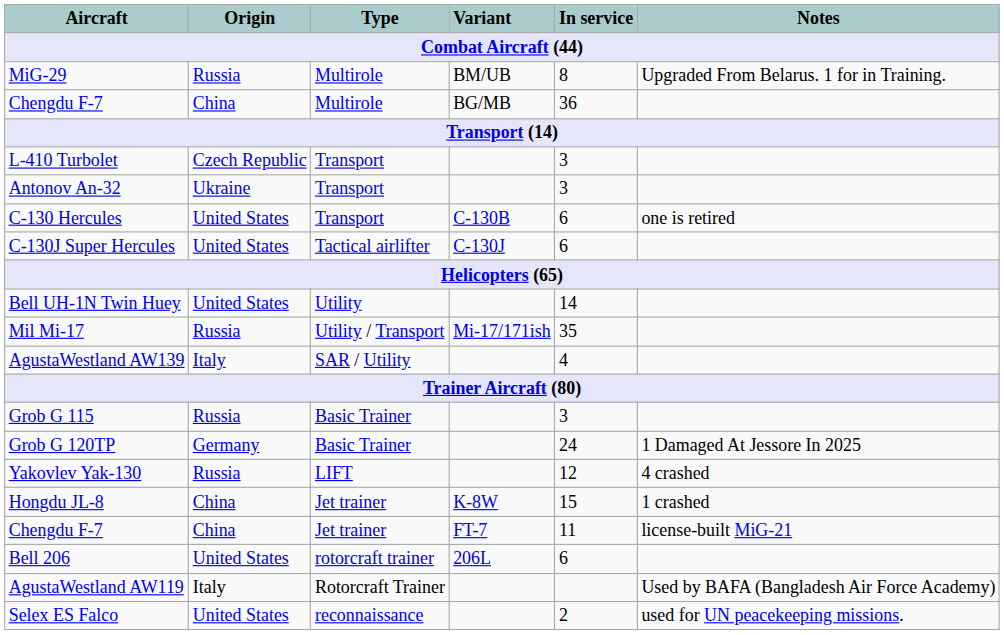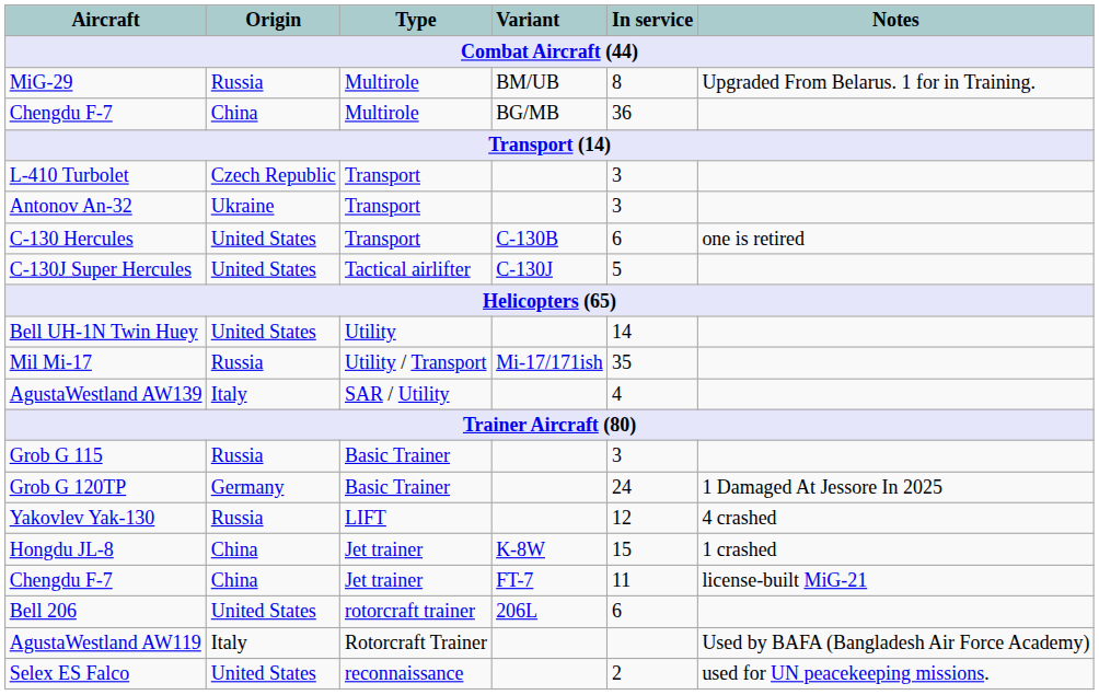 <table class="wikitable">
 <tr>
 <th style="text-align:center; background:#acc;">Aircraft</th>
 <th style="text-align: center; background:#acc;">Origin</th>
 <th style="text-align:l center; background:#acc;">Type</th>
 <th style="text-align:left; background:#acc;">Variant</th>
 <th style="text-align:center; background:#acc;">In service</th>
 <th style="text-align: center; background:#acc;">Notes</th>
 </tr>
 <tr>
 <th style="align: center; background: lavender;" colspan="6"><a href='#'>Combat Aircraft</a> (44)</th>
 </tr>
 <tr>
 <td><a href='#'>MiG-29</a></td>
 <td><a href='#'>Russia</a></td>
 <td><a href='#'>Multirole</a></td>
 <td>BM/UB</td>
 <td>8</td>
 <td>Upgraded From Belarus. 1 for in Training.</td>
 </tr>
 <tr>
 <td><a href='#'>Chengdu F-7</a></td>
 <td><a href='#'>China</a></td>
 <td><a href='#'>Multirole</a></td>
 <td>BG/MB</td>
 <td>36</td>
 <td></td>
 </tr>
 <tr>
 <th style="align: center; background: lavender;" colspan="6"><a href='#'>Transport</a> (14)</th>
 </tr>
 <tr>
 <td><a href='#'>L-410 Turbolet</a></td>
 <td><a href='#'>Czech Republic</a></td>
 <td><a href='#'>Transport</a></td>
 <td></td>
 <td>3</td>
 <td></td>
 </tr>
 <tr>
 <td><a href='#'>Antonov An-32</a></td>
 <td><a href='#'>Ukraine</a></td>
 <td><a href='#'>Transport</a></td>
 <td></td>
 <td>3</td>
 <td></td>
 </tr>
 <tr>
 <td><a href='#'>C-130 Hercules</a></td>
 <td><a href='#'>United States</a></td>
 <td><a href='#'>Transport</a></td>
 <td><a href='#'>C-130B</a></td>
 <td>6</td>
 <td>one is retired</td>
 </tr>
 <tr>
 <td><a href='#'>C-130J Super Hercules</a></td>
 <td><a href='#'>United States</a></td>
 <td><a href='#'>Tactical airlifter</a></td>
 <td><a href='#'>C-130J</a></td>
-<td>6</td>
+<td>5</td>
 <td></td>
 </tr>
 <tr>
 <th style="align: center; background: lavender;" colspan="6"><a href='#'>Helicopters</a> (65)</th>
 </tr>
 <tr>
 <td><a href='#'>Bell UH-1N Twin Huey</a></td>
 <td><a href='#'>United States</a></td>
 <td><a href='#'>Utility</a></td>
 <td></td>
 <td>14</td>
 <td></td>
 </tr>
 <tr>
 <td><a href='#'>Mil Mi-17</a></td>
 <td><a href='#'>Russia</a></td>
 <td><a href='#'>Utility</a> / <a href='#'>Transport</a></td>
 <td><a href='#'>Mi-17/171ish</a></td>
 <td>35</td>
 <td></td>
 </tr>
 <tr>
 <td><a href='#'>AgustaWestland AW139</a></td>
 <td><a href='#'>Italy</a></td>
 <td><a href='#'>SAR</a> / <a href='#'>Utility</a></td>
 <td></td>
 <td>4</td>
 <td></td>
 </tr>
 <tr>
 <th style="align: center; background: lavender;" colspan="6"><a href='#'>Trainer Aircraft</a> (80)</th>
 </tr>
 <tr>
 <td><a href='#'>Grob G 115</a></td>
 <td><a href='#'>Russia</a></td>
 <td><a href='#'>Basic Trainer</a></td>
 <td></td>
 <td>3</td>
 <td></td>
 </tr>
 <tr>
 <td><a href='#'>Grob G 120TP</a></td>
 <td><a href='#'>Germany</a></td>
 <td><a href='#'>Basic Trainer</a></td>
 <td></td>
 <td>24</td>
 <td>1 Damaged At Jessore In 2025</td>
 </tr>
 <tr>
 <td><a href='#'>Yakovlev Yak-130</a></td>
 <td><a href='#'>Russia</a></td>
 <td><a href='#'>LIFT</a></td>
 <td></td>
 <td>12</td>
 <td>4 crashed</td>
 </tr>
 <tr>
 <td><a href='#'>Hongdu JL-8</a></td>
 <td><a href='#'>China</a></td>
 <td><a href='#'>Jet trainer</a></td>
 <td><a href='#'>K-8W</a></td>
 <td>15</td>
 <td>1 crashed</td>
 </tr>
 <tr>
 <td><a href='#'>Chengdu F-7</a></td>
 <td><a href='#'>China</a></td>
 <td><a href='#'>Jet trainer</a></td>
 <td><a href='#'>FT-7</a></td>
 <td>11</td>
 <td>license-built <a href='#'>MiG-21</a></td>
 </tr>
 <tr>
 <td><a href='#'>Bell 206</a></td>
 <td><a href='#'>United States</a></td>
 <td><a href='#'>rotorcraft trainer</a></td>
 <td><a href='#'>206L</a></td>
 <td>6</td>
 <td></td>
 </tr>
 <tr>
 <td><a href='#'>AgustaWestland AW119</a></td>
 <td>Italy</td>
 <td>Rotorcraft Trainer</td>
 <td></td>
 <td></td>
 <td>Used by BAFA (Bangladesh Air Force Academy)</td>
 </tr>
 <tr>
 <td><a href='#'>Selex ES Falco</a></td>
 <td><a href='#'>United States</a></td>
 <td><a href='#'>reconnaissance</a></td>
 <td></td>
 <td>2</td>
 <td>used for <a href='#'>UN peacekeeping missions</a>.</td>
 </tr>
 </table>
